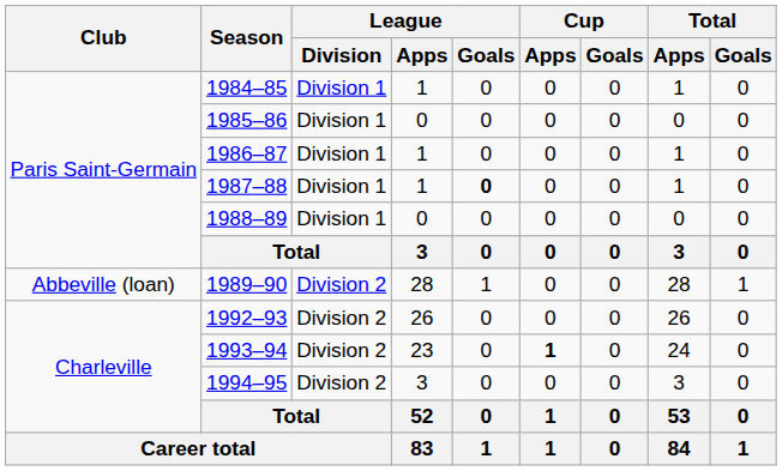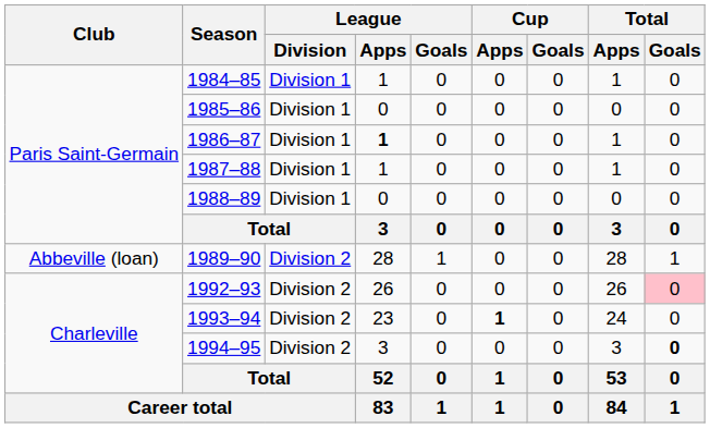 <table class="wikitable" style="text-align:center">
 <tr>
 <th rowspan="2">Club</th>
 <th rowspan="2">Season</th>
 <th colspan="3">League</th>
 <th colspan="2">Cup</th>
 <th colspan="2">Total</th>
 </tr>
 <tr>
 <th>Division</th>
 <th>Apps</th>
 <th>Goals</th>
 <th>Apps</th>
 <th>Goals</th>
 <th>Apps</th>
 <th>Goals</th>
 </tr>
 <tr>
 <td rowspan="6"><a href='#'>Paris Saint-Germain</a></td>
 <td><a href='#'>1984–85</a></td>
 <td><a href='#'>Division 1</a></td>
 <td>1</td>
 <td>0</td>
 <td>0</td>
 <td>0</td>
 <td>1</td>
 <td>0</td>
 </tr>
 <tr>
 <td><a href='#'>1985–86</a></td>
 <td>Division 1</td>
 <td>0</td>
 <td>0</td>
 <td>0</td>
 <td>0</td>
 <td>0</td>
 <td>0</td>
 </tr>
 <tr>
 <td><a href='#'>1986–87</a></td>
 <td>Division 1</td>
-<td>1</td>
+<td><strong>1</strong></td>
 <td>0</td>
 <td>0</td>
 <td>0</td>
 <td>1</td>
 <td>0</td>
 </tr>
 <tr>
 <td><a href='#'>1987–88</a></td>
 <td>Division 1</td>
 <td>1</td>
-<td><strong>0</strong></td>
+<td>0</td>
 <td>0</td>
 <td>0</td>
 <td>1</td>
 <td>0</td>
 </tr>
 <tr>
 <td><a href='#'>1988–89</a></td>
 <td>Division 1</td>
 <td>0</td>
 <td>0</td>
 <td>0</td>
 <td>0</td>
 <td>0</td>
 <td>0</td>
 </tr>
 <tr>
 <th colspan="2">Total</th>
 <th>3</th>
 <th>0</th>
 <th>0</th>
 <th>0</th>
 <th>3</th>
 <th>0</th>
 </tr>
 <tr>
 <td><a href='#'>Abbeville</a> (loan)</td>
 <td><a href='#'>1989–90</a></td>
 <td><a href='#'>Division 2</a></td>
 <td>28</td>
 <td>1</td>
 <td>0</td>
 <td>0</td>
 <td>28</td>
 <td>1</td>
 </tr>
 <tr>
 <td rowspan="4"><a href='#'>Charleville</a></td>
 <td><a href='#'>1992–93</a></td>
 <td>Division 2</td>
 <td>26</td>
 <td>0</td>
 <td>0</td>
 <td>0</td>
 <td>26</td>
-<td>0</td>
+<td style="background: pink;">0</td>
 </tr>
 <tr>
 <td><a href='#'>1993–94</a></td>
 <td>Division 2</td>
 <td>23</td>
 <td>0</td>
 <td><strong>1</strong></td>
 <td>0</td>
 <td>24</td>
 <td>0</td>
 </tr>
 <tr>
 <td><a href='#'>1994–95</a></td>
 <td>Division 2</td>
 <td>3</td>
 <td>0</td>
 <td>0</td>
 <td>0</td>
 <td>3</td>
-<td>0</td>
+<td><strong>0</strong></td>
 </tr>
 <tr>
 <th colspan="2">Total</th>
 <th>52</th>
 <th>0</th>
 <th>1</th>
 <th>0</th>
 <th>53</th>
 <th>0</th>
 </tr>
 <tr>
 <th colspan="3">Career total</th>
 <th>83</th>
 <th>1</th>
 <th>1</th>
 <th>0</th>
 <th>84</th>
 <th>1</th>
 </tr>
 </table>
